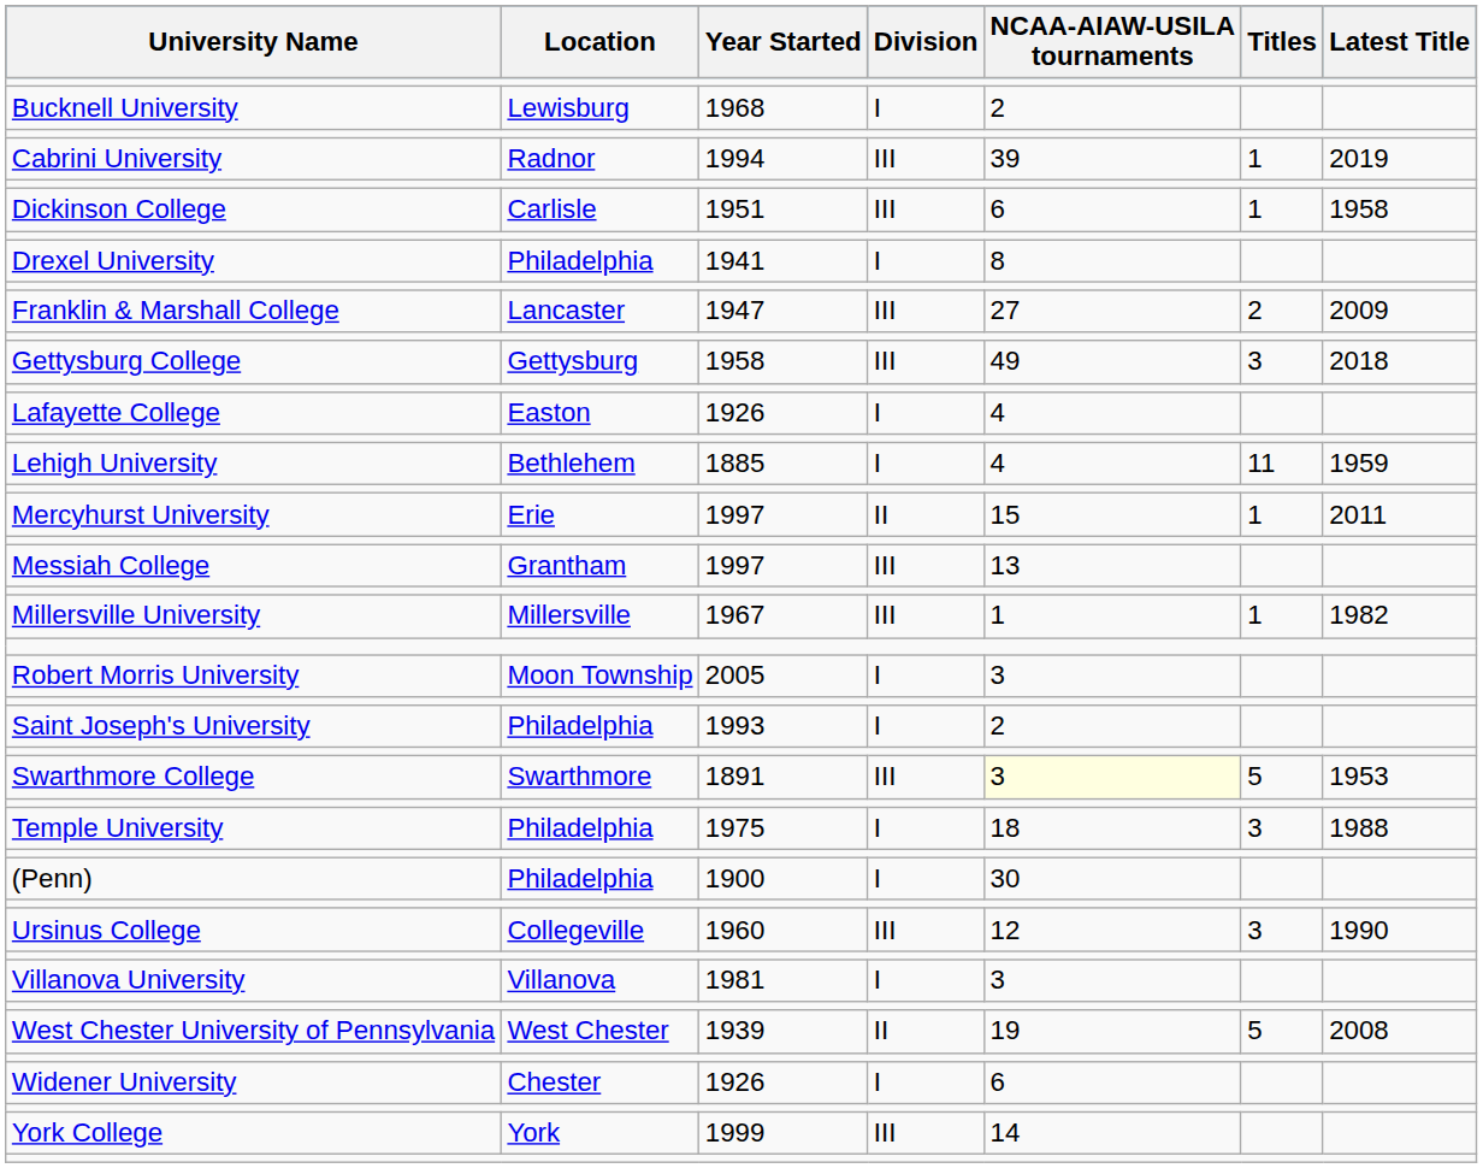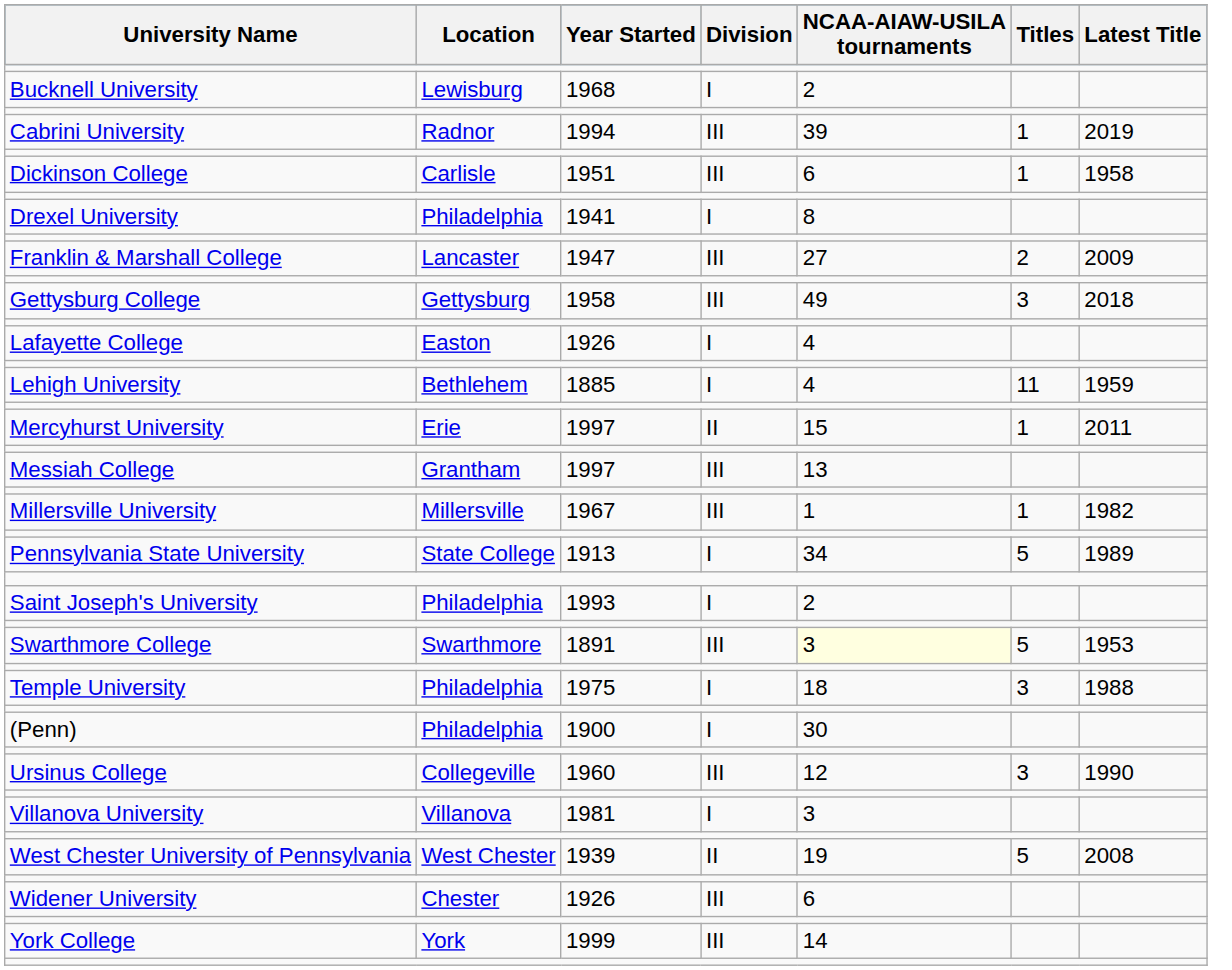 <table BORDER="1" CELLPADDING="4" CELLSPACING="1" ID="Table1" | class="wikitable sortable">
 <tr ALIGN="left" bgcolor=#003e5d style="color:black">
 <th ALIGN="left">University Name</th>
 <th>Location</th>
 <th>Year Started</th>
 <th>Division</th>
 <th>NCAA-AIAW-USILA <br> tournaments</th>
 <th>Titles</th>
 <th>Latest Title</th>
 </tr>
 <tr ALIGN="left" style="height:5px">
 </tr>
 <tr>
 <td ALIGN="left" style="height:5px"><a href='#'>Bucknell University</a></td>
 <td><a href='#'>Lewisburg</a></td>
 <td>1968</td>
 <td>I</td>
 <td>2</td>
 <td></td>
 <td></td>
 </tr>
 <tr ALIGN="left" style="height:5px">
 </tr>
 <tr>
 <td ALIGN="left" style="height:5px"><a href='#'>Cabrini University</a></td>
 <td><a href='#'>Radnor</a></td>
 <td>1994</td>
 <td>III</td>
 <td>39</td>
 <td>1</td>
 <td>2019</td>
 </tr>
 <tr ALIGN="left" style="height:5px">
 </tr>
 <tr>
 <td ALIGN="left" style="height:5px"><a href='#'>Dickinson College</a></td>
 <td><a href='#'>Carlisle</a></td>
 <td>1951</td>
 <td>III</td>
 <td>6</td>
 <td>1</td>
 <td>1958</td>
 </tr>
 <tr ALIGN="left" style="height:5px">
 </tr>
 <tr>
 <td ALIGN="left" style="height:5px"><a href='#'>Drexel University</a></td>
 <td><a href='#'>Philadelphia</a></td>
 <td>1941</td>
 <td>I</td>
 <td>8</td>
 <td></td>
 <td></td>
 </tr>
 <tr ALIGN="left" style="height:5px">
 </tr>
 <tr>
 <td ALIGN="left" style="height:5px"><a href='#'>Franklin & Marshall College</a></td>
 <td><a href='#'>Lancaster</a></td>
 <td>1947</td>
 <td>III</td>
 <td>27</td>
 <td>2</td>
 <td>2009</td>
 </tr>
 <tr ALIGN="left" style="height:5px">
 </tr>
 <tr>
 <td ALIGN="left" style="height:5px"><a href='#'>Gettysburg College</a></td>
 <td><a href='#'>Gettysburg</a></td>
 <td>1958</td>
 <td>III</td>
 <td>49</td>
 <td>3</td>
 <td>2018</td>
 </tr>
 <tr ALIGN="left" style="height:5px">
 </tr>
 <tr>
 <td ALIGN="left" style="height:5px"><a href='#'>Lafayette College</a></td>
 <td><a href='#'>Easton</a></td>
 <td>1926</td>
 <td>I</td>
 <td>4</td>
 <td></td>
 <td></td>
 </tr>
 <tr ALIGN="left" style="height:5px">
 </tr>
 <tr>
 <td ALIGN="left" style="height:5px"><a href='#'>Lehigh University</a></td>
 <td><a href='#'>Bethlehem</a></td>
 <td>1885</td>
 <td>I</td>
 <td>4</td>
 <td>11</td>
 <td>1959</td>
 </tr>
 <tr ALIGN="left" style="height:5px">
 </tr>
 <tr>
 <td ALIGN="left" style="height:5px"><a href='#'>Mercyhurst University</a></td>
 <td><a href='#'>Erie</a></td>
 <td>1997</td>
 <td>II</td>
 <td>15</td>
 <td>1</td>
 <td>2011</td>
 </tr>
 <tr ALIGN="left" style="height:5px">
 </tr>
 <tr>
 <td ALIGN="left" style="height:5px"><a href='#'>Messiah College</a></td>
 <td><a href='#'>Grantham</a></td>
 <td>1997</td>
 <td>III</td>
 <td>13</td>
 <td></td>
 <td></td>
 </tr>
 <tr ALIGN="left" style="height:5px">
 </tr>
 <tr>
 <td ALIGN="left" style="height:5px"><a href='#'>Millersville University</a></td>
 <td><a href='#'>Millersville</a></td>
 <td>1967</td>
 <td>III</td>
 <td>1</td>
 <td>1</td>
 <td>1982</td>
 </tr>
 <tr ALIGN="left" style="height:5px">
 </tr>
+<tr>
+<td ALIGN="left" style="height:5px"><a href='#'>Pennsylvania State University</a></td>
+<td><a href='#'>State College</a></td>
+<td>1913</td>
+<td>I</td>
+<td>34</td>
+<td>5</td>
+<td>1989</td>
+</tr>
 <tr ALIGN="left" style="height:5px">
-</tr>
-<tr>
-<td ALIGN="left" style="height:5px"><a href='#'>Robert Morris University</a></td>
-<td><a href='#'>Moon Township</a></td>
-<td>2005</td>
-<td>I</td>
-<td>3</td>
-<td></td>
-<td></td>
 </tr>
 <tr ALIGN="left" style="height:5px">
 </tr>
 <tr>
 <td ALIGN="left" style="height:5px"><a href='#'>Saint Joseph's University</a></td>
 <td><a href='#'>Philadelphia</a></td>
 <td>1993</td>
 <td>I</td>
 <td>2</td>
 <td></td>
 <td></td>
 </tr>
 <tr ALIGN="left" style="height:5px">
 </tr>
 <tr>
 <td ALIGN="left" style="height:5px"><a href='#'>Swarthmore College</a></td>
 <td><a href='#'>Swarthmore</a></td>
 <td>1891</td>
 <td>III</td>
 <td style="background: lightyellow;">3</td>
 <td>5</td>
 <td>1953</td>
 </tr>
 <tr ALIGN="left" style="height:5px">
 </tr>
 <tr>
 <td ALIGN="left" style="height:5px"><a href='#'>Temple University</a></td>
 <td><a href='#'>Philadelphia</a></td>
 <td>1975</td>
 <td>I</td>
 <td>18</td>
 <td>3</td>
 <td>1988</td>
 </tr>
 <tr ALIGN="left" style="height:5px">
 </tr>
 <tr>
 <td ALIGN="left" style="height:5px"> (Penn)</td>
 <td><a href='#'>Philadelphia</a></td>
 <td>1900</td>
 <td>I</td>
 <td>30</td>
 <td></td>
 <td></td>
 </tr>
 <tr ALIGN="left" style="height:5px">
 </tr>
 <tr>
 <td ALIGN="left" style="height:5px"><a href='#'>Ursinus College</a></td>
 <td><a href='#'>Collegeville</a></td>
 <td>1960</td>
 <td>III</td>
 <td>12</td>
 <td>3</td>
 <td>1990</td>
 </tr>
 <tr ALIGN="left" style="height:5px">
 </tr>
 <tr>
 <td ALIGN="left" style="height:5px"><a href='#'>Villanova University</a></td>
 <td><a href='#'>Villanova</a></td>
 <td>1981</td>
 <td>I</td>
 <td>3</td>
 <td></td>
 <td></td>
 </tr>
 <tr ALIGN="left" style="height:5px">
 </tr>
 <tr>
 <td ALIGN="left" style="height:5px"><a href='#'>West Chester University of Pennsylvania</a></td>
 <td><a href='#'>West Chester</a></td>
 <td>1939</td>
 <td>II</td>
 <td>19</td>
 <td>5</td>
 <td>2008</td>
 </tr>
 <tr ALIGN="left" style="height:5px">
 </tr>
 <tr>
 <td ALIGN="left" style="height:5px"><a href='#'>Widener University</a></td>
 <td><a href='#'>Chester</a></td>
 <td>1926</td>
-<td>I</td>
+<td>III</td>
 <td>6</td>
 <td></td>
 <td></td>
 </tr>
 <tr ALIGN="left" style="height:5px">
 </tr>
 <tr>
 <td ALIGN="left" style="height:5px"><a href='#'>York College</a></td>
 <td><a href='#'>York</a></td>
 <td>1999</td>
 <td>III</td>
 <td>14</td>
 <td></td>
 <td></td>
 </tr>
 <tr ALIGN="left" style="height:5px">
 </tr>
 </table>
